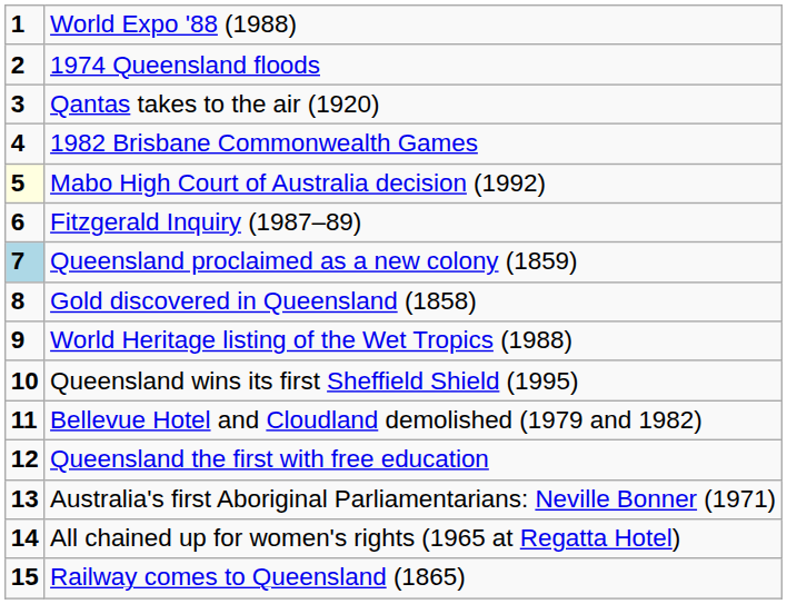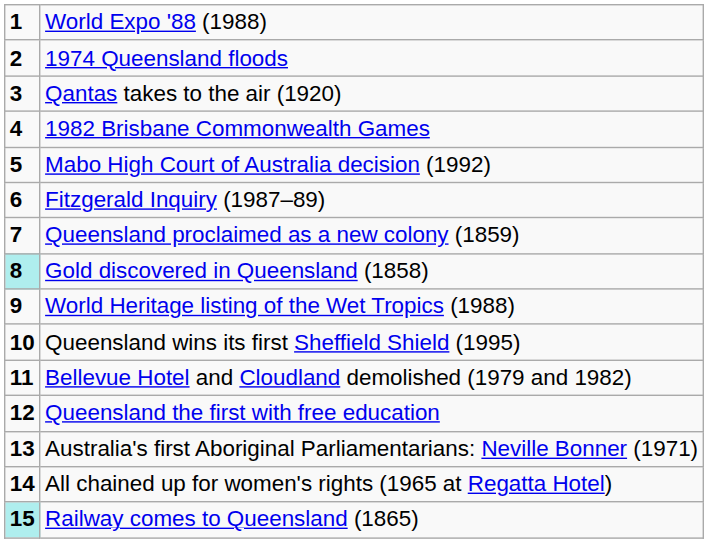 <table class="wikitable">
 <tr>
 <td><strong>1</strong></td>
 <td><a href='#'>World Expo '88</a> (1988)</td>
 </tr>
 <tr>
 <td><strong>2</strong></td>
 <td><a href='#'>1974 Queensland floods</a></td>
 </tr>
 <tr>
 <td><strong>3</strong></td>
 <td><a href='#'>Qantas</a> takes to the air (1920)</td>
 </tr>
 <tr>
 <td><strong>4</strong></td>
 <td><a href='#'>1982 Brisbane Commonwealth Games</a></td>
 </tr>
 <tr>
-<td style="background: lightyellow;"><strong>5</strong></td>
+<td><strong>5</strong></td>
 <td><a href='#'>Mabo High Court of Australia decision</a> (1992)</td>
 </tr>
 <tr>
 <td><strong>6</strong></td>
 <td><a href='#'>Fitzgerald Inquiry</a> (1987–89)</td>
 </tr>
 <tr>
-<td style="background: lightblue;"><strong>7</strong></td>
+<td><strong>7</strong></td>
 <td><a href='#'>Queensland proclaimed as a new colony</a> (1859)</td>
 </tr>
 <tr>
-<td><strong>8</strong></td>
+<td style="background: paleturquoise;"><strong>8</strong></td>
 <td><a href='#'>Gold discovered in Queensland</a> (1858)</td>
 </tr>
 <tr>
 <td><strong>9</strong></td>
 <td><a href='#'>World Heritage listing of the Wet Tropics</a> (1988)</td>
 </tr>
 <tr>
 <td><strong>10</strong></td>
 <td>Queensland wins its first <a href='#'>Sheffield Shield</a> (1995)</td>
 </tr>
 <tr>
 <td><strong>11</strong></td>
 <td><a href='#'>Bellevue Hotel</a> and <a href='#'>Cloudland</a> demolished (1979 and 1982)</td>
 </tr>
 <tr>
 <td><strong>12</strong></td>
 <td><a href='#'>Queensland the first with free education</a></td>
 </tr>
 <tr>
 <td><strong>13</strong></td>
 <td>Australia's first Aboriginal Parliamentarians: <a href='#'>Neville Bonner</a> (1971)</td>
 </tr>
 <tr>
 <td><strong>14</strong></td>
 <td>All chained up for women's rights (1965 at <a href='#'>Regatta Hotel</a>)</td>
 </tr>
 <tr>
-<td><strong>15</strong></td>
+<td style="background: paleturquoise;"><strong>15</strong></td>
 <td><a href='#'>Railway comes to Queensland</a> (1865)</td>
 </tr>
 </table>
